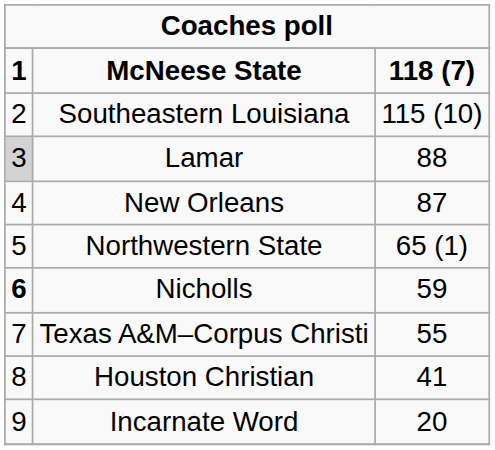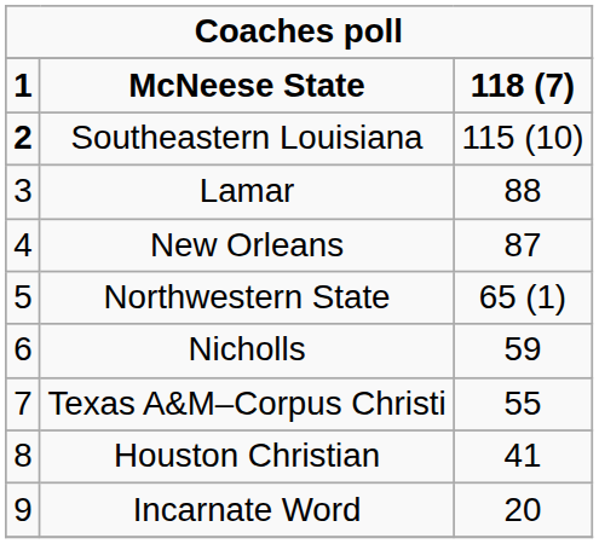 <table class="wikitable">
 <tr align="center">
 <td align="center" Colspan="3"><strong>Coaches poll</strong></td>
 </tr>
 <tr align="center">
 </tr>
 <tr align="center">
 <td><strong>1</strong></td>
 <td><strong>McNeese State</strong></td>
 <td><strong>118 (7)</strong></td>
 </tr>
 <tr align="center">
-<td>2</td>
+<td><strong>2</strong></td>
 <td>Southeastern Louisiana</td>
 <td>115 (10)</td>
 </tr>
 <tr align="center">
-<td style="background: lightgrey;">3</td>
+<td>3</td>
 <td>Lamar</td>
 <td>88</td>
 </tr>
 <tr align="center">
 <td>4</td>
 <td>New Orleans</td>
 <td>87</td>
 </tr>
 <tr align="center">
 <td>5</td>
 <td>Northwestern State</td>
 <td>65 (1)</td>
 </tr>
 <tr align="center">
-<td><strong>6</strong></td>
+<td>6</td>
 <td>Nicholls</td>
 <td>59</td>
 </tr>
 <tr align="center">
 <td>7</td>
 <td>Texas A&M–Corpus Christi</td>
 <td>55</td>
 </tr>
 <tr align="center">
 <td>8</td>
 <td>Houston Christian</td>
 <td>41</td>
 </tr>
 <tr align="center">
 <td>9</td>
 <td>Incarnate Word</td>
 <td>20</td>
 </tr>
 <tr align="center">
 </tr>
 </table>
